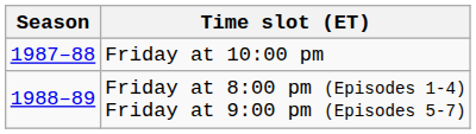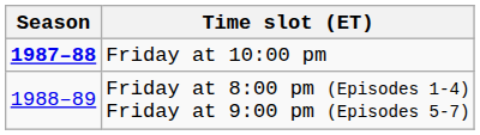 <table class="wikitable">
 <tr>
 <th>Season</th>
 <th>Time slot (ET)</th>
 </tr>
 <tr>
-<td><a href='#'>1987–88</a></td>
+<td><strong><a href='#'>1987–88</a></strong></td>
 <td>Friday at 10:00 pm</td>
 </tr>
 <tr>
 <td><a href='#'>1988–89</a></td>
 <td>Friday at 8:00 pm <small>(Episodes 1-4)</small><br>Friday at 9:00 pm <small>(Episodes 5-7)</small></td>
 </tr>
 </table>
